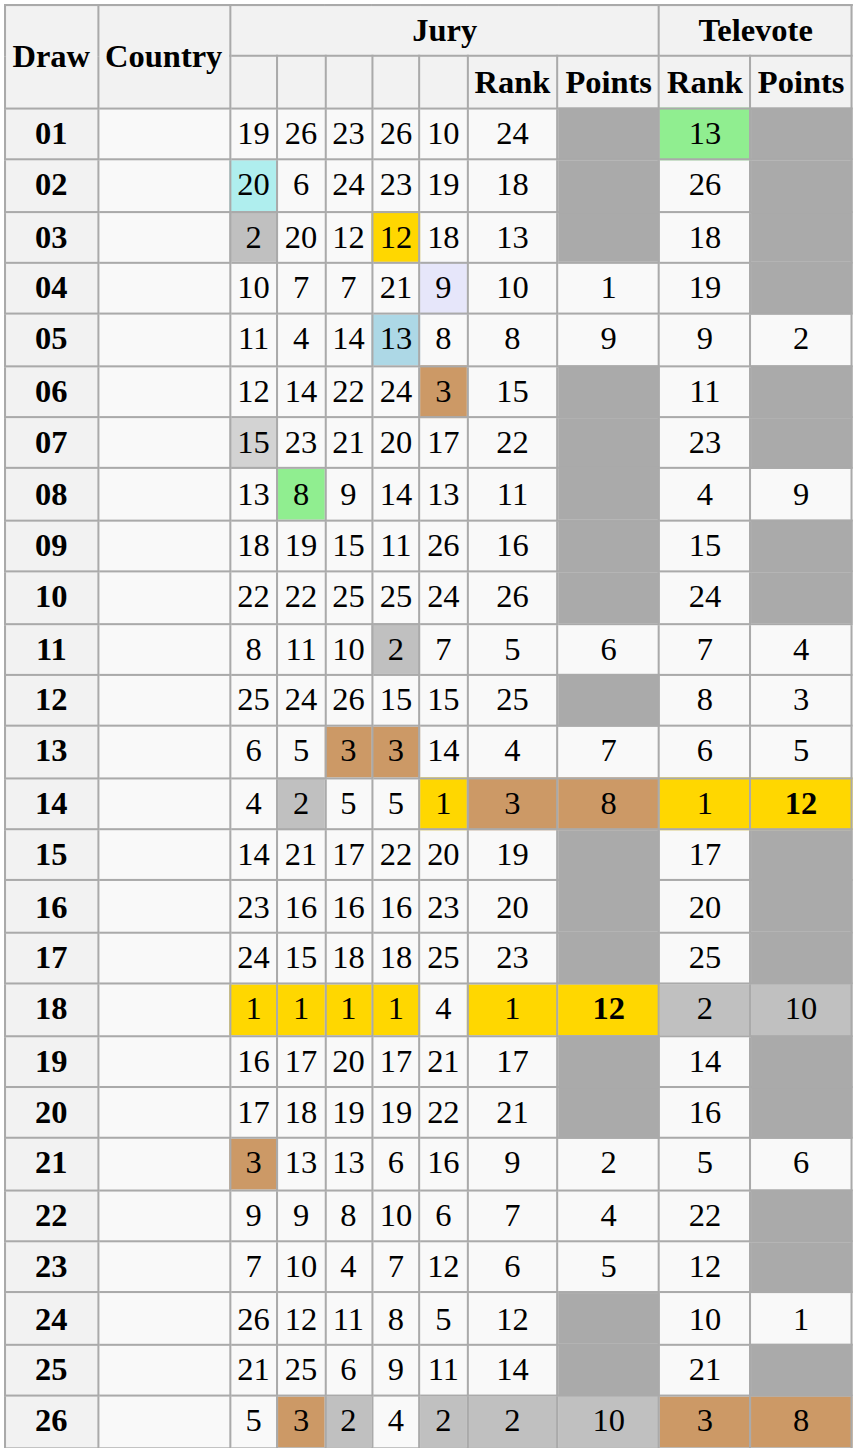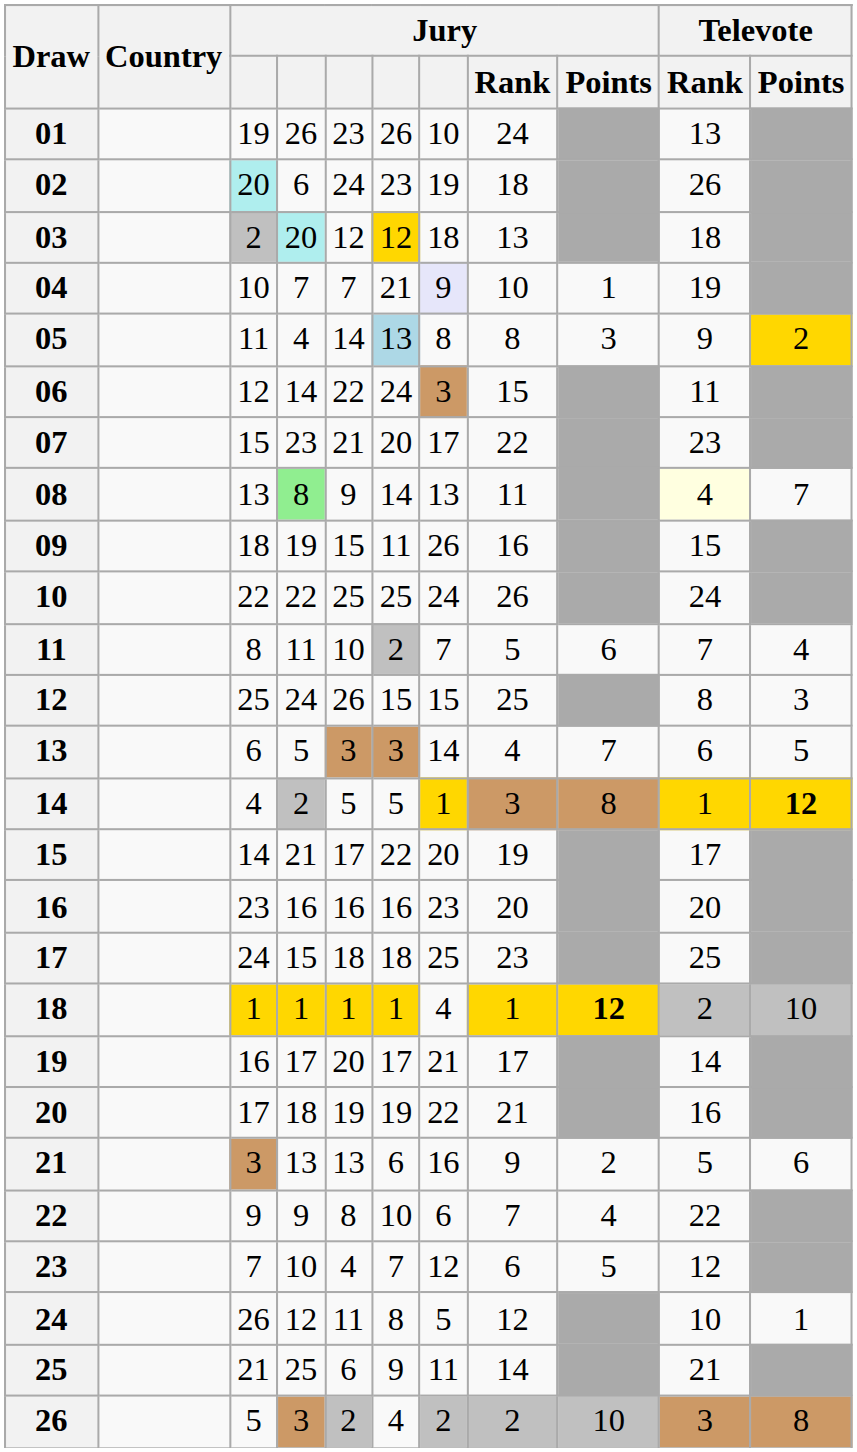 <table class="sortable wikitable collapsible plainrowheaders" style="text-align:center;">
 <tr>
 </tr>
 <tr>
 <th scope="col" rowspan="2">Draw</th>
 <th scope="col" rowspan="2">Country</th>
 <th scope="col" colspan="7">Jury</th>
 <th scope="col" colspan="2">Televote</th>
 </tr>
 <tr>
 <th scope="col"><small></small></th>
 <th scope="col"><small></small></th>
 <th scope="col"><small></small></th>
 <th scope="col"><small></small></th>
 <th scope="col"><small></small></th>
 <th scope="col">Rank</th>
 <th scope="col">Points</th>
 <th scope="col">Rank</th>
 <th scope="col">Points</th>
 </tr>
 <tr>
 <th scope="row" style="text-align:center;">01</th>
 <td style="text-align:left;"></td>
 <td>19</td>
 <td>26</td>
 <td>23</td>
 <td>26</td>
 <td>10</td>
 <td>24</td>
 <td style="background:#AAAAAA;"></td>
-<td style="background: lightgreen;">13</td>
+<td>13</td>
 <td style="background:#AAAAAA;"></td>
 </tr>
 <tr>
 <th scope="row" style="text-align:center;">02</th>
 <td style="text-align:left;"></td>
 <td style="background: paleturquoise;">20</td>
 <td>6</td>
 <td>24</td>
 <td>23</td>
 <td>19</td>
 <td>18</td>
 <td style="background:#AAAAAA;"></td>
 <td>26</td>
 <td style="background:#AAAAAA;"></td>
 </tr>
 <tr>
 <th scope="row" style="text-align:center;">03</th>
 <td style="text-align:left;"></td>
 <td style="background:silver;">2</td>
-<td>20</td>
+<td style="background: paleturquoise;">20</td>
 <td>12</td>
 <td style="background: gold;">12</td>
 <td>18</td>
 <td>13</td>
 <td style="background:#AAAAAA;"></td>
 <td>18</td>
 <td style="background:#AAAAAA;"></td>
 </tr>
 <tr>
 <th scope="row" style="text-align:center;">04</th>
 <td style="text-align:left;"></td>
 <td>10</td>
 <td>7</td>
 <td>7</td>
 <td>21</td>
 <td style="background: lavender;">9</td>
 <td>10</td>
 <td>1</td>
 <td>19</td>
 <td style="background:#AAAAAA;"></td>
 </tr>
 <tr>
 <th scope="row" style="text-align:center;">05</th>
 <td style="text-align:left;"></td>
 <td>11</td>
 <td>4</td>
 <td>14</td>
 <td style="background: lightblue;">13</td>
 <td>8</td>
 <td>8</td>
+<td>3</td>
 <td>9</td>
-<td>9</td>
-<td>2</td>
+<td style="background: gold;">2</td>
 </tr>
 <tr>
 <th scope="row" style="text-align:center;">06</th>
 <td style="text-align:left;"></td>
 <td>12</td>
 <td>14</td>
 <td>22</td>
 <td>24</td>
 <td style="background:#CC9966;">3</td>
 <td>15</td>
 <td style="background:#AAAAAA;"></td>
 <td>11</td>
 <td style="background:#AAAAAA;"></td>
 </tr>
 <tr>
 <th scope="row" style="text-align:center;">07</th>
 <td style="text-align:left;"></td>
-<td style="background: lightgrey;">15</td>
+<td>15</td>
 <td>23</td>
 <td>21</td>
 <td>20</td>
 <td>17</td>
 <td>22</td>
 <td style="background:#AAAAAA;"></td>
 <td>23</td>
 <td style="background:#AAAAAA;"></td>
 </tr>
 <tr>
 <th scope="row" style="text-align:center;">08</th>
 <td style="text-align:left;"></td>
 <td>13</td>
 <td style="background: lightgreen;">8</td>
 <td>9</td>
 <td>14</td>
 <td>13</td>
 <td>11</td>
 <td style="background:#AAAAAA;"></td>
-<td>4</td>
-<td>9</td>
+<td style="background: lightyellow;">4</td>
+<td>7</td>
 </tr>
 <tr>
 <th scope="row" style="text-align:center;">09</th>
 <td style="text-align:left;"></td>
 <td>18</td>
 <td>19</td>
 <td>15</td>
 <td>11</td>
 <td>26</td>
 <td>16</td>
 <td style="background:#AAAAAA;"></td>
 <td>15</td>
 <td style="background:#AAAAAA;"></td>
 </tr>
 <tr>
 <th scope="row" style="text-align:center;">10</th>
 <td style="text-align:left;"></td>
 <td>22</td>
 <td>22</td>
 <td>25</td>
 <td>25</td>
 <td>24</td>
 <td>26</td>
 <td style="background:#AAAAAA;"></td>
 <td>24</td>
 <td style="background:#AAAAAA;"></td>
 </tr>
 <tr>
 <th scope="row" style="text-align:center;">11</th>
 <td style="text-align:left;"></td>
 <td>8</td>
 <td>11</td>
 <td>10</td>
 <td style="background:silver;">2</td>
 <td>7</td>
 <td>5</td>
 <td>6</td>
 <td>7</td>
 <td>4</td>
 </tr>
 <tr>
 <th scope="row" style="text-align:center;">12</th>
 <td style="text-align:left;"></td>
 <td>25</td>
 <td>24</td>
 <td>26</td>
 <td>15</td>
 <td>15</td>
 <td>25</td>
 <td style="background:#AAAAAA;"></td>
 <td>8</td>
 <td>3</td>
 </tr>
 <tr>
 <th scope="row" style="text-align:center;">13</th>
 <td style="text-align:left;"></td>
 <td>6</td>
 <td>5</td>
 <td style="background:#CC9966;">3</td>
 <td style="background:#CC9966;">3</td>
 <td>14</td>
 <td>4</td>
 <td>7</td>
 <td>6</td>
 <td>5</td>
 </tr>
 <tr>
 <th scope="row" style="text-align:center;">14</th>
 <td style="text-align:left;"></td>
 <td>4</td>
 <td style="background:silver;">2</td>
 <td>5</td>
 <td>5</td>
 <td style="background:gold;">1</td>
 <td style="background:#CC9966;">3</td>
 <td style="background:#CC9966;">8</td>
 <td style="background:gold;">1</td>
 <td style="background:gold;"><strong>12</strong></td>
 </tr>
 <tr>
 <th scope="row" style="text-align:center;">15</th>
 <td style="text-align:left;"></td>
 <td>14</td>
 <td>21</td>
 <td>17</td>
 <td>22</td>
 <td>20</td>
 <td>19</td>
 <td style="background:#AAAAAA;"></td>
 <td>17</td>
 <td style="background:#AAAAAA;"></td>
 </tr>
 <tr>
 <th scope="row" style="text-align:center;">16</th>
 <td style="text-align:left;"></td>
 <td>23</td>
 <td>16</td>
 <td>16</td>
 <td>16</td>
 <td>23</td>
 <td>20</td>
 <td style="background:#AAAAAA;"></td>
 <td>20</td>
 <td style="background:#AAAAAA;"></td>
 </tr>
 <tr>
 <th scope="row" style="text-align:center;">17</th>
 <td style="text-align:left;"></td>
 <td>24</td>
 <td>15</td>
 <td>18</td>
 <td>18</td>
 <td>25</td>
 <td>23</td>
 <td style="background:#AAAAAA;"></td>
 <td>25</td>
 <td style="background:#AAAAAA;"></td>
 </tr>
 <tr>
 <th scope="row" style="text-align:center;">18</th>
 <td style="text-align:left;"></td>
 <td style="background:gold;">1</td>
 <td style="background:gold;">1</td>
 <td style="background:gold;">1</td>
 <td style="background:gold;">1</td>
 <td>4</td>
 <td style="background:gold;">1</td>
 <td style="background:gold;"><strong>12</strong></td>
 <td style="background:silver;">2</td>
 <td style="background:silver;">10</td>
 </tr>
 <tr>
 <th scope="row" style="text-align:center;">19</th>
 <td style="text-align:left;"></td>
 <td>16</td>
 <td>17</td>
 <td>20</td>
 <td>17</td>
 <td>21</td>
 <td>17</td>
 <td style="background:#AAAAAA;"></td>
 <td>14</td>
 <td style="background:#AAAAAA;"></td>
 </tr>
 <tr>
 <th scope="row" style="text-align:center;">20</th>
 <td style="text-align:left;"></td>
 <td>17</td>
 <td>18</td>
 <td>19</td>
 <td>19</td>
 <td>22</td>
 <td>21</td>
 <td style="background:#AAAAAA;"></td>
 <td>16</td>
 <td style="background:#AAAAAA;"></td>
 </tr>
 <tr>
 <th scope="row" style="text-align:center;">21</th>
 <td style="text-align:left;"></td>
 <td style="background:#CC9966;">3</td>
 <td>13</td>
 <td>13</td>
 <td>6</td>
 <td>16</td>
 <td>9</td>
 <td>2</td>
 <td>5</td>
 <td>6</td>
 </tr>
 <tr>
 <th scope="row" style="text-align:center;">22</th>
 <td style="text-align:left;"></td>
 <td>9</td>
 <td>9</td>
 <td>8</td>
 <td>10</td>
 <td>6</td>
 <td>7</td>
 <td>4</td>
 <td>22</td>
 <td style="background:#AAAAAA;"></td>
 </tr>
 <tr>
 <th scope="row" style="text-align:center;">23</th>
 <td style="text-align:left;"></td>
 <td>7</td>
 <td>10</td>
 <td>4</td>
 <td>7</td>
 <td>12</td>
 <td>6</td>
 <td>5</td>
 <td>12</td>
 <td style="background:#AAAAAA;"></td>
 </tr>
 <tr>
 <th scope="row" style="text-align:center;">24</th>
 <td style="text-align:left;"></td>
 <td>26</td>
 <td>12</td>
 <td>11</td>
 <td>8</td>
 <td>5</td>
 <td>12</td>
 <td style="background:#AAAAAA;"></td>
 <td>10</td>
 <td>1</td>
 </tr>
 <tr>
 <th scope="row" style="text-align:center;">25</th>
 <td style="text-align:left;"></td>
 <td>21</td>
 <td>25</td>
 <td>6</td>
 <td>9</td>
 <td>11</td>
 <td>14</td>
 <td style="background:#AAAAAA;"></td>
 <td>21</td>
 <td style="background:#AAAAAA;"></td>
 </tr>
 <tr>
 <th scope="row" style="text-align:center;">26</th>
 <td style="text-align:left;"></td>
 <td>5</td>
 <td style="background:#CC9966;">3</td>
 <td style="background:silver;">2</td>
 <td>4</td>
 <td style="background:silver;">2</td>
 <td style="background:silver;">2</td>
 <td style="background:silver;">10</td>
 <td style="background:#CC9966;">3</td>
 <td style="background:#CC9966;">8</td>
 </tr>
 </table>
